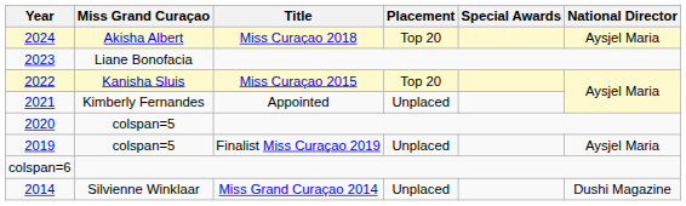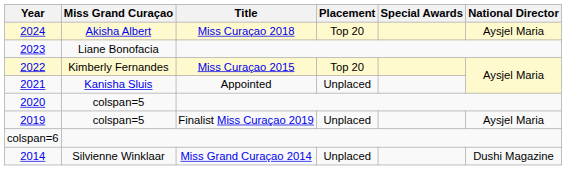 <table class="wikitable" style="font-size: 95%; text-align:center">
 <tr>
 <th>Year</th>
 <th>Miss Grand Curaçao</th>
 <th>Title</th>
 <th>Placement</th>
 <th>Special Awards</th>
 <th>National Director</th>
 </tr>
 <tr bgcolor=#FFFACD>
 <td><a href='#'>2024</a></td>
 <td><a href='#'>Akisha Albert</a></td>
 <td><a href='#'>Miss Curaçao 2018</a></td>
 <td>Top 20</td>
 <td></td>
 <td>Aysjel Maria</td>
 </tr>
 <tr>
 <td><a href='#'>2023</a></td>
 <td>Liane Bonofacia</td>
 </tr>
 <tr bgcolor=#FFFACD>
 <td><a href='#'>2022</a></td>
-<td><a href='#'>Kanisha Sluis</a></td>
+<td>Kimberly Fernandes</td>
 <td><a href='#'>Miss Curaçao 2015</a></td>
 <td>Top 20</td>
 <td></td>
 <td rowspan="2">Aysjel Maria</td>
 </tr>
 <tr>
 <td><a href='#'>2021</a></td>
-<td>Kimberly Fernandes</td>
+<td><a href='#'>Kanisha Sluis</a></td>
 <td>Appointed</td>
 <td>Unplaced</td>
 <td></td>
 </tr>
 <tr>
 <td><a href='#'>2020</a></td>
 <td>colspan=5 </td>
 </tr>
 <tr>
 <td><a href='#'>2019</a></td>
 <td>colspan=5 </td>
 <td>Finalist <a href='#'>Miss Curaçao 2019</a></td>
 <td>Unplaced</td>
 <td></td>
 <td>Aysjel Maria</td>
 </tr>
 <tr>
 <td>colspan=6 </td>
 </tr>
 <tr>
 <td><a href='#'>2014</a></td>
 <td>Silvienne Winklaar</td>
 <td><a href='#'>Miss Grand Curaçao 2014</a></td>
 <td>Unplaced</td>
 <td></td>
 <td>Dushi Magazine</td>
 </tr>
 </table>
